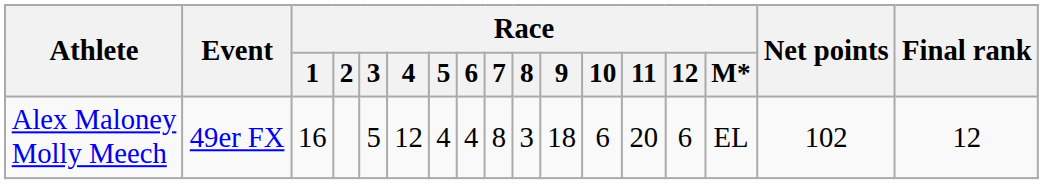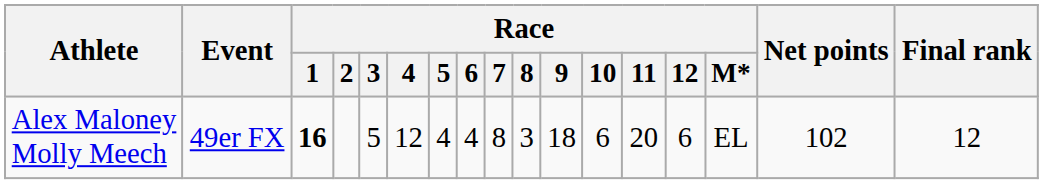 <table class=wikitable style=font-size:90%;text-align:center>
 <tr>
 <th rowspan="2">Athlete</th>
 <th rowspan="2">Event</th>
 <th colspan=13>Race</th>
 <th rowspan=2>Net points</th>
 <th rowspan=2>Final rank</th>
 </tr>
 <tr style="font-size:95%">
 <th>1</th>
 <th>2</th>
 <th>3</th>
 <th>4</th>
 <th>5</th>
 <th>6</th>
 <th>7</th>
 <th>8</th>
 <th>9</th>
 <th>10</th>
 <th>11</th>
 <th>12</th>
 <th>M*</th>
 </tr>
 <tr>
 <td align=left><a href='#'>Alex Maloney</a><br><a href='#'>Molly Meech</a></td>
 <td align=left><a href='#'>49er FX</a></td>
-<td>16</td>
+<td><strong>16</strong></td>
 <td></td>
 <td>5</td>
 <td>12</td>
 <td>4</td>
 <td>4</td>
 <td>8</td>
 <td>3</td>
 <td>18</td>
 <td>6</td>
 <td>20</td>
 <td>6</td>
 <td>EL</td>
 <td>102</td>
 <td>12</td>
 </tr>
 </table>
